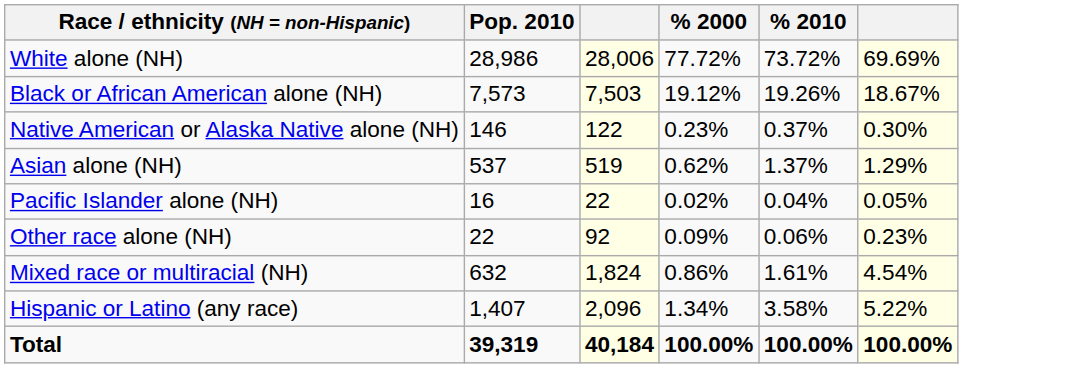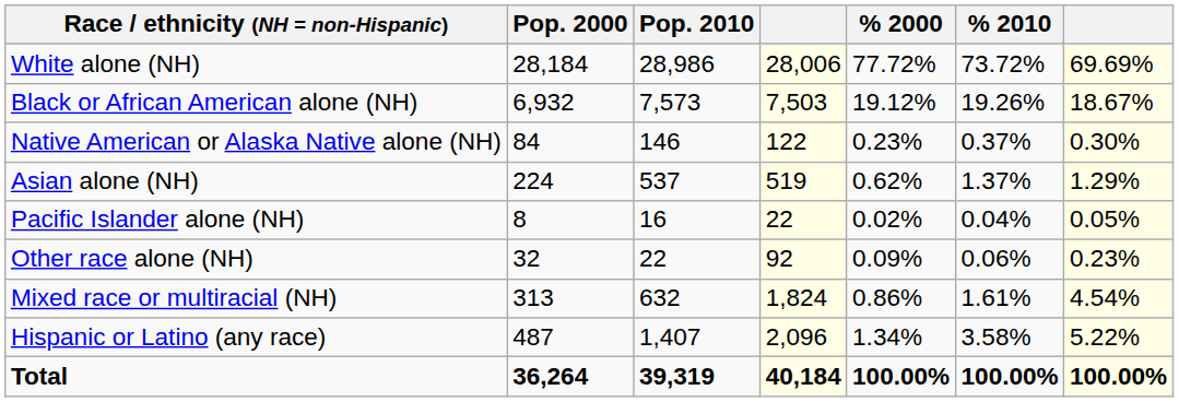 <table class="wikitable">
 <tr>
 <th>Race / ethnicity <small>(<em>NH = non-Hispanic</em>)</small></th>
+<th>Pop. 2000</th>
 <th>Pop. 2010</th>
 <th></th>
 <th>% 2000</th>
 <th>% 2010</th>
 <th></th>
 </tr>
 <tr>
 <td><a href='#'>White</a> alone (NH)</td>
+<td>28,184</td>
 <td>28,986</td>
 <td style='background: #ffffe6;'>28,006</td>
 <td>77.72%</td>
 <td>73.72%</td>
 <td style='background: #ffffe6;'>69.69%</td>
 </tr>
 <tr>
 <td><a href='#'>Black or African American</a> alone (NH)</td>
+<td>6,932</td>
 <td>7,573</td>
 <td style='background: #ffffe6;'>7,503</td>
 <td>19.12%</td>
 <td>19.26%</td>
 <td style='background: #ffffe6;'>18.67%</td>
 </tr>
 <tr>
 <td><a href='#'>Native American</a> or <a href='#'>Alaska Native</a> alone (NH)</td>
+<td>84</td>
 <td>146</td>
 <td style='background: #ffffe6;'>122</td>
 <td>0.23%</td>
 <td>0.37%</td>
 <td style='background: #ffffe6;'>0.30%</td>
 </tr>
 <tr>
 <td><a href='#'>Asian</a> alone (NH)</td>
+<td>224</td>
 <td>537</td>
 <td style='background: #ffffe6;'>519</td>
 <td>0.62%</td>
 <td>1.37%</td>
 <td style='background: #ffffe6;'>1.29%</td>
 </tr>
 <tr>
 <td><a href='#'>Pacific Islander</a> alone (NH)</td>
+<td>8</td>
 <td>16</td>
 <td style='background: #ffffe6;'>22</td>
 <td>0.02%</td>
 <td>0.04%</td>
 <td style='background: #ffffe6;'>0.05%</td>
 </tr>
 <tr>
 <td><a href='#'>Other race</a> alone (NH)</td>
+<td>32</td>
 <td>22</td>
 <td style='background: #ffffe6;'>92</td>
 <td>0.09%</td>
 <td>0.06%</td>
 <td style='background: #ffffe6;'>0.23%</td>
 </tr>
 <tr>
 <td><a href='#'>Mixed race or multiracial</a> (NH)</td>
+<td>313</td>
 <td>632</td>
 <td style='background: #ffffe6;'>1,824</td>
 <td>0.86%</td>
 <td>1.61%</td>
 <td style='background: #ffffe6;'>4.54%</td>
 </tr>
 <tr>
 <td><a href='#'>Hispanic or Latino</a> (any race)</td>
+<td>487</td>
 <td>1,407</td>
 <td style='background: #ffffe6;'>2,096</td>
 <td>1.34%</td>
 <td>3.58%</td>
 <td style='background: #ffffe6;'>5.22%</td>
 </tr>
 <tr>
 <td><strong>Total</strong></td>
+<td><strong>36,264</strong></td>
 <td><strong>39,319</strong></td>
 <td style='background: #ffffe6;'><strong>40,184</strong></td>
 <td><strong>100.00%</strong></td>
 <td><strong>100.00%</strong></td>
 <td style='background: #ffffe6;'><strong>100.00%</strong></td>
 </tr>
 </table>
